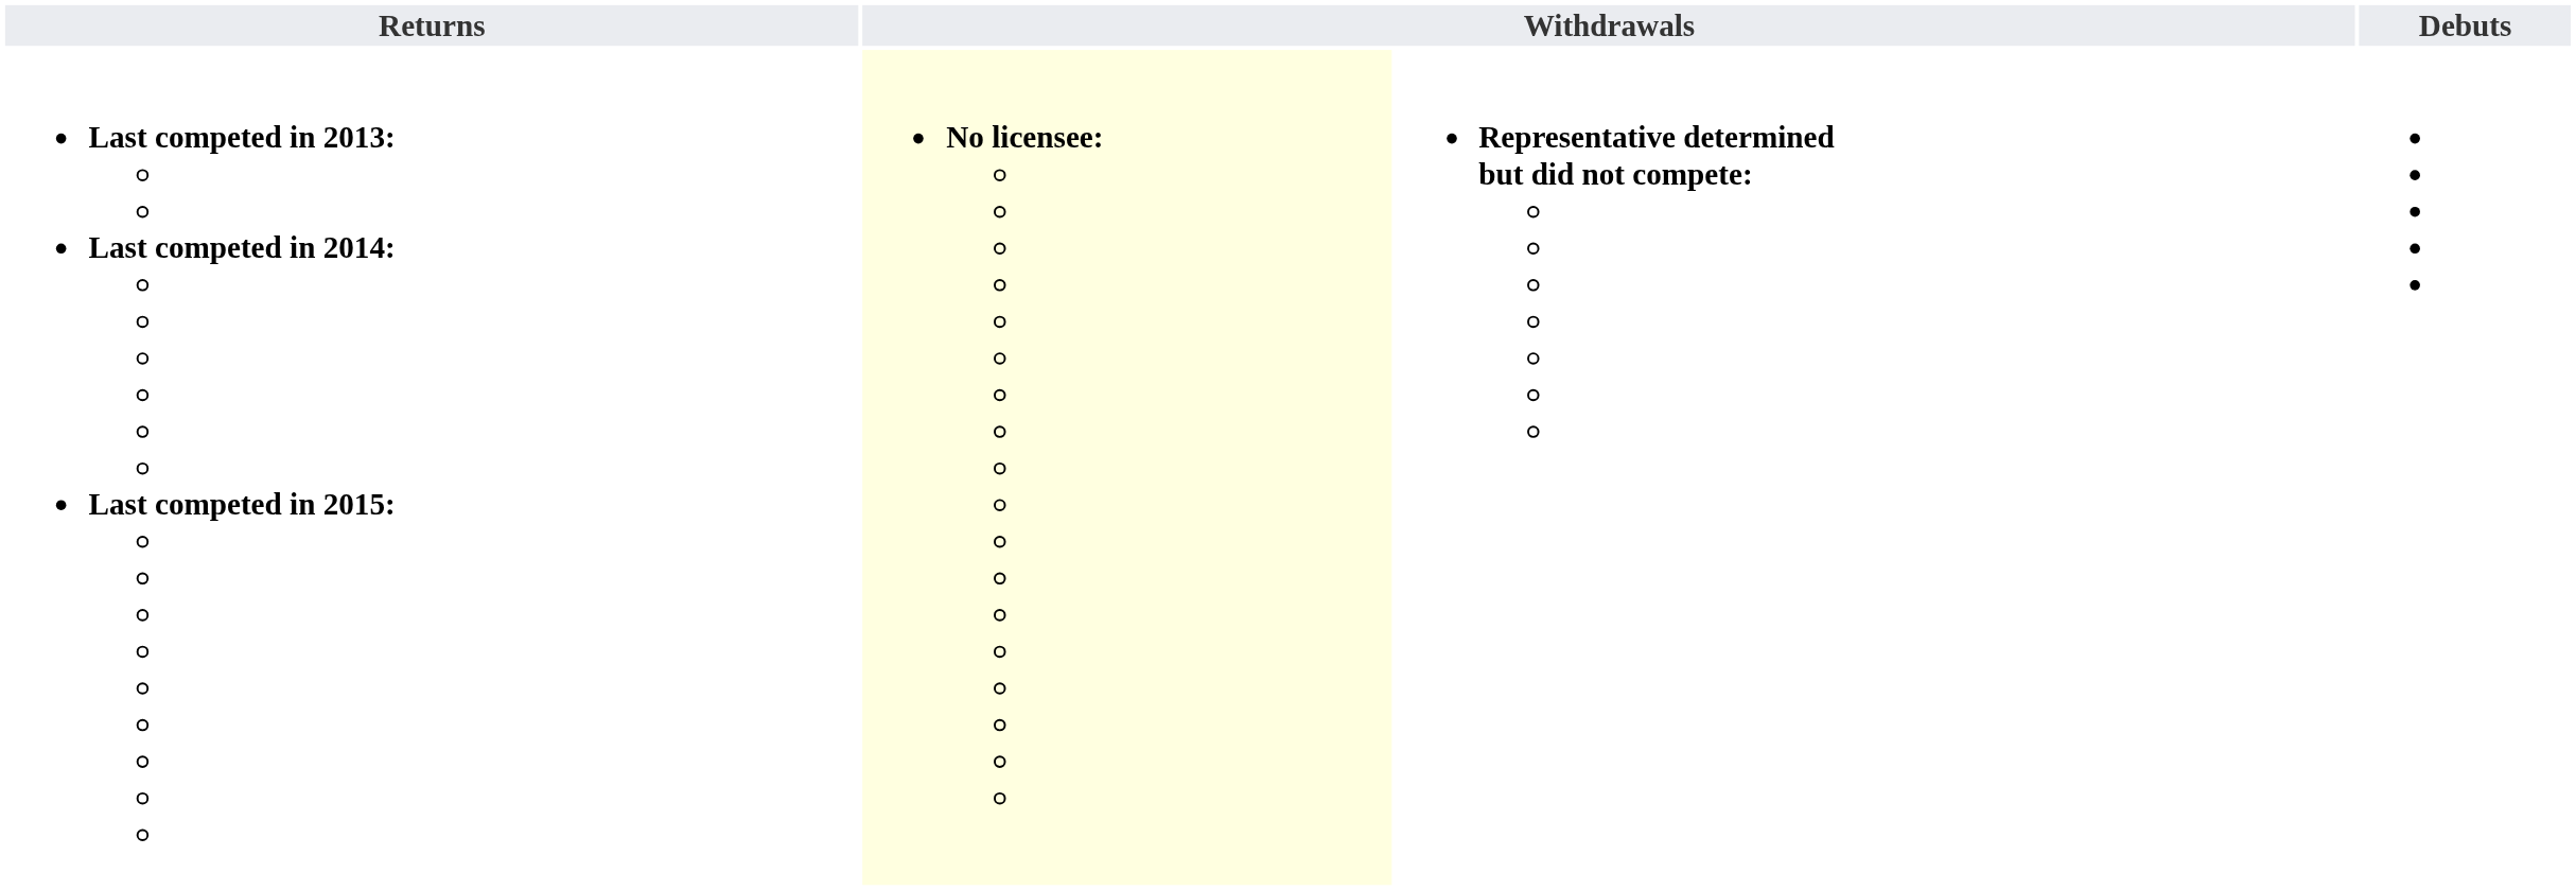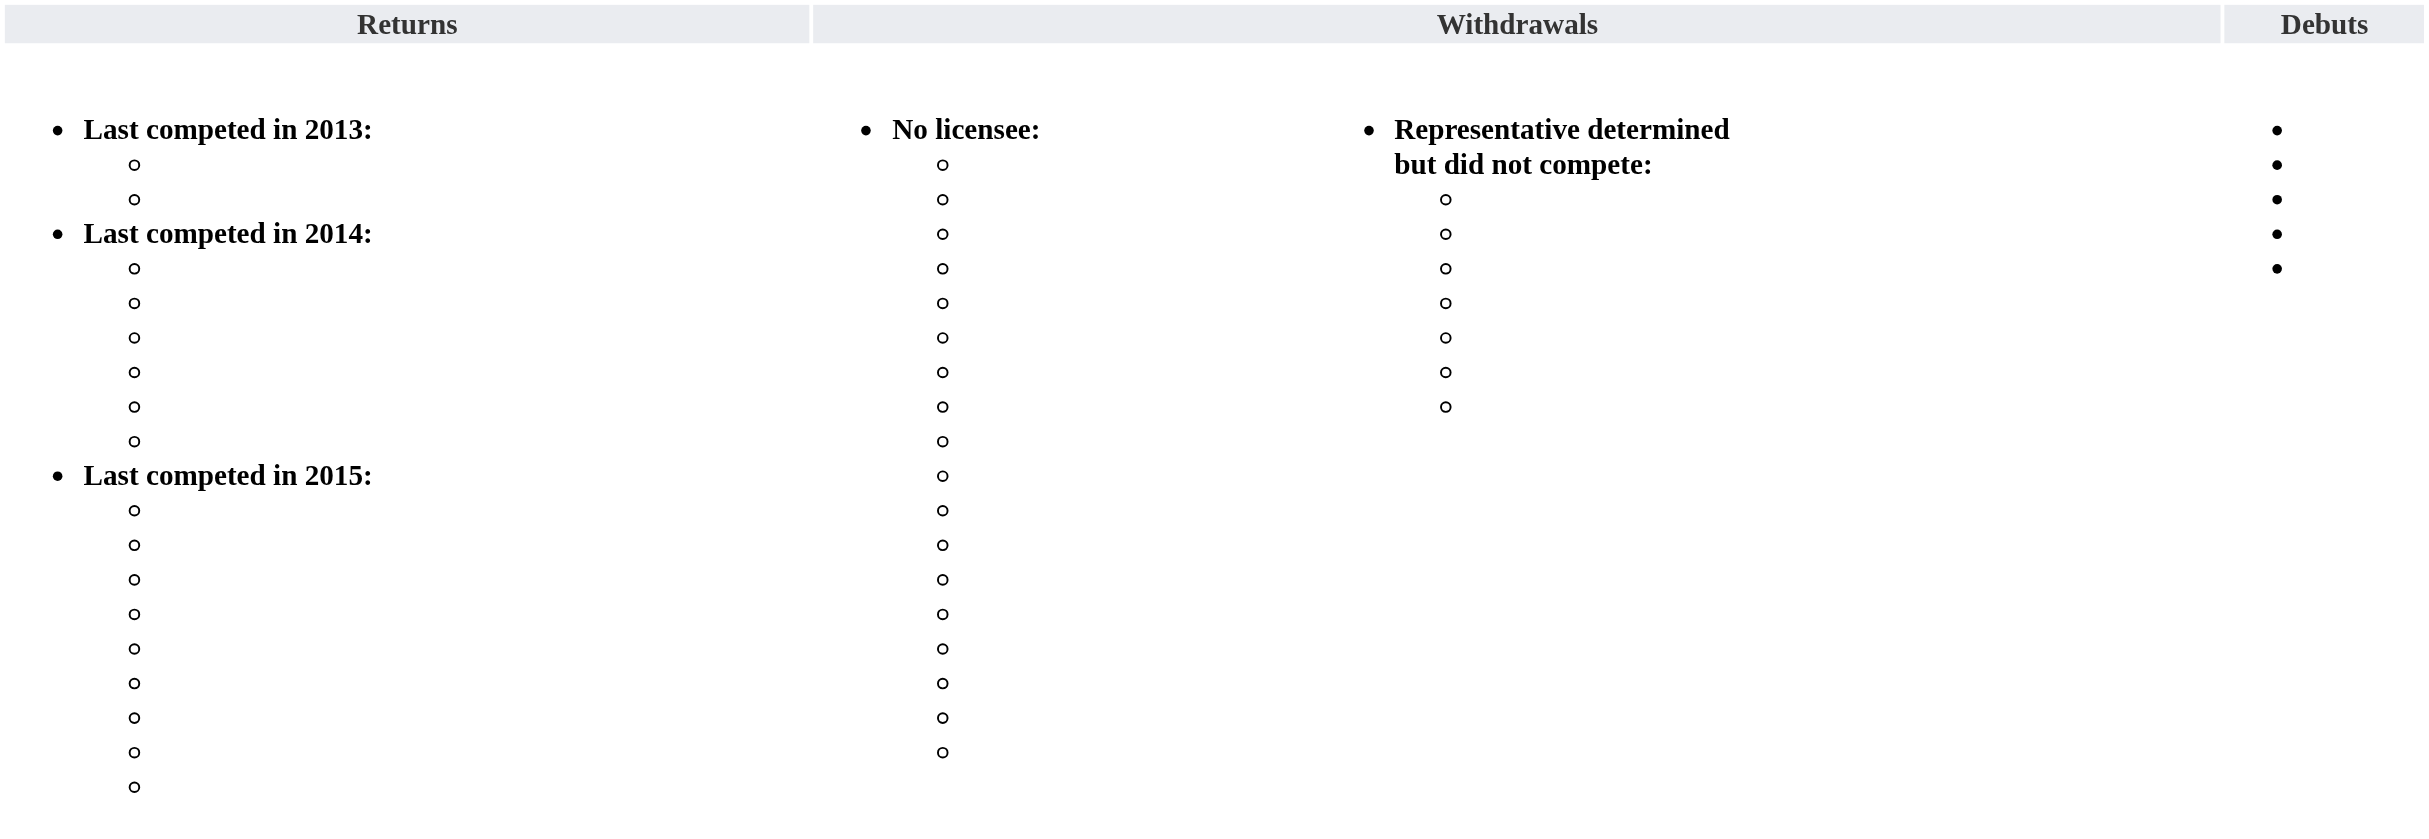 <table width = 100% style="font-size: 95%">
 <tr>
 <th style = "background: #eaecf0; color:#333333; ">Returns</th>
 <th colspan = "2" style = "background: #eaecf0; color:#333333; ">Withdrawals</th>
 <th style = "background: #eaecf0; color:#333333; ">Debuts</th>
 </tr>
 <tr>
 <td valign = "top"><br><ul><li><strong>Last competed in 2013:</strong><ul><li></li><li></li></ul></li><li><strong>Last competed in 2014:</strong><ul><li></li><li></li><li></li><li></li><li></li><li></li></ul></li><li><strong>Last competed in 2015:</strong><ul><li></li><li></li><li></li><li></li><li></li><li></li><li></li><li></li><li></li></ul></li></ul></td>
-<td valign = "top" style="background: lightyellow;"><br><ul><li><strong>No licensee:</strong><ul><li></li><li></li><li></li><li></li><li></li><li></li><li></li><li></li><li></li><li></li><li></li><li></li><li></li><li></li><li></li><li></li><li></li><li></li></ul></li></ul></td>
+<td valign = "top"><br><ul><li><strong>No licensee:</strong><ul><li></li><li></li><li></li><li></li><li></li><li></li><li></li><li></li><li></li><li></li><li></li><li></li><li></li><li></li><li></li><li></li><li></li><li></li></ul></li></ul></td>
 <td valign = "top"><br><ul><li><strong>Representative determined<br>but did not compete:</strong><ul><li></li><li></li><li></li><li></li><li></li><li></li><li></li></ul></li></ul></td>
 <td valign = "top"><br><ul><li></li><li></li><li></li><li></li><li></li></ul></td>
 </tr>
 <tr>
 </tr>
 </table>
